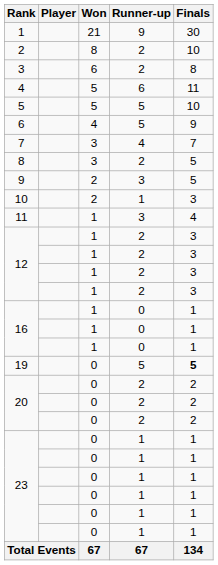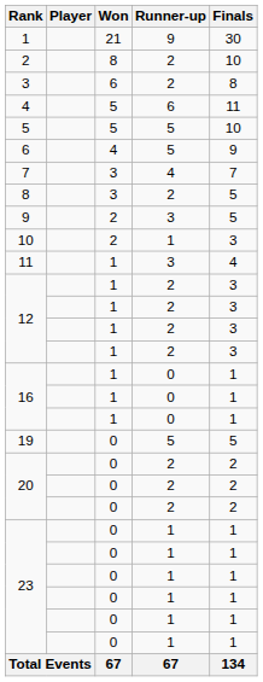 <table class="wikitable sortable" style="text-align:center">
 <tr>
 <th>Rank</th>
 <th>Player</th>
 <th>Won</th>
 <th>Runner-up</th>
 <th>Finals</th>
 </tr>
 <tr>
 <td>1</td>
 <td align=left></td>
 <td>21</td>
 <td>9</td>
 <td>30</td>
 </tr>
 <tr>
 <td>2</td>
 <td align=left></td>
 <td>8</td>
 <td>2</td>
 <td>10</td>
 </tr>
 <tr>
 <td>3</td>
 <td align=left></td>
 <td>6</td>
 <td>2</td>
 <td>8</td>
 </tr>
 <tr>
 <td>4</td>
 <td align=left></td>
 <td>5</td>
 <td>6</td>
 <td>11</td>
 </tr>
 <tr>
 <td>5</td>
 <td align=left></td>
 <td>5</td>
 <td>5</td>
 <td>10</td>
 </tr>
 <tr>
 <td>6</td>
 <td align=left></td>
 <td>4</td>
 <td>5</td>
 <td>9</td>
 </tr>
 <tr>
 <td>7</td>
 <td align=left></td>
 <td>3</td>
 <td>4</td>
 <td>7</td>
 </tr>
 <tr>
 <td>8</td>
 <td align=left></td>
 <td>3</td>
 <td>2</td>
 <td>5</td>
 </tr>
 <tr>
 <td>9</td>
 <td align=left></td>
 <td>2</td>
 <td>3</td>
 <td>5</td>
 </tr>
 <tr>
 <td>10</td>
 <td align=left></td>
 <td>2</td>
 <td>1</td>
 <td>3</td>
 </tr>
 <tr>
 <td>11</td>
 <td align=left></td>
 <td>1</td>
 <td>3</td>
 <td>4</td>
 </tr>
 <tr>
 <td rowspan="4">12</td>
 <td align=left></td>
 <td>1</td>
 <td>2</td>
 <td>3</td>
 </tr>
 <tr>
 <td align=left></td>
 <td>1</td>
 <td>2</td>
 <td>3</td>
 </tr>
 <tr>
 <td align=left></td>
 <td>1</td>
 <td>2</td>
 <td>3</td>
 </tr>
 <tr>
 <td align=left></td>
 <td>1</td>
 <td>2</td>
 <td>3</td>
 </tr>
 <tr>
 <td rowspan="3">16</td>
 <td align=left></td>
 <td>1</td>
 <td>0</td>
 <td>1</td>
 </tr>
 <tr>
 <td align=left></td>
 <td>1</td>
 <td>0</td>
 <td>1</td>
 </tr>
 <tr>
 <td align=left></td>
 <td>1</td>
 <td>0</td>
 <td>1</td>
 </tr>
 <tr>
 <td>19</td>
 <td align=left></td>
 <td>0</td>
 <td>5</td>
-<td><strong>5</strong></td>
+<td>5</td>
 </tr>
 <tr>
 <td rowspan="3">20</td>
 <td align=left></td>
 <td>0</td>
 <td>2</td>
 <td>2</td>
 </tr>
 <tr>
 <td align=left></td>
 <td>0</td>
 <td>2</td>
 <td>2</td>
 </tr>
 <tr>
 <td align=left></td>
 <td>0</td>
 <td>2</td>
 <td>2</td>
 </tr>
 <tr>
 <td rowspan="6">23</td>
 <td align=left></td>
 <td>0</td>
 <td>1</td>
 <td>1</td>
 </tr>
 <tr>
 <td align=left></td>
 <td>0</td>
 <td>1</td>
 <td>1</td>
 </tr>
 <tr>
 <td align=left></td>
 <td>0</td>
 <td>1</td>
 <td>1</td>
 </tr>
 <tr>
 <td align=left></td>
 <td>0</td>
 <td>1</td>
 <td>1</td>
 </tr>
 <tr>
 <td align=left></td>
 <td>0</td>
 <td>1</td>
 <td>1</td>
 </tr>
 <tr>
 <td align=left></td>
 <td>0</td>
 <td>1</td>
 <td>1</td>
 </tr>
 <tr>
 <th colspan=2>Total Events</th>
 <th>67</th>
 <th>67</th>
 <th>134</th>
 </tr>
 </table>
